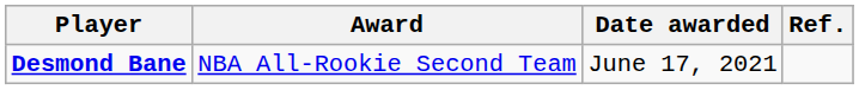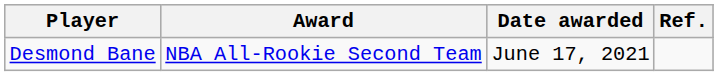 <table class="wikitable sortable sortable" style="text-align: center">
 <tr>
 <th>Player</th>
 <th>Award</th>
 <th>Date awarded</th>
 <th>Ref.</th>
 </tr>
 <tr>
-<td><strong><a href='#'>Desmond Bane</a></strong></td>
+<td><a href='#'>Desmond Bane</a></td>
 <td><a href='#'>NBA All-Rookie Second Team</a></td>
 <td>June 17, 2021</td>
 <td align=center></td>
 </tr>
 </table>
